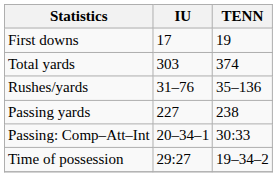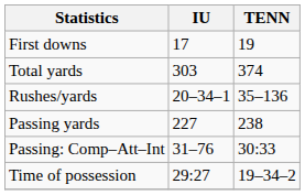 <table class="wikitable" style="float: left;">
 <tr>
 <th>Statistics</th>
 <th>IU</th>
 <th>TENN</th>
 </tr>
 <tr>
 <td>First downs</td>
 <td>17</td>
 <td>19</td>
 </tr>
 <tr>
 <td>Total yards</td>
 <td>303</td>
 <td>374</td>
 </tr>
 <tr>
 <td>Rushes/yards</td>
-<td>31–76</td>
+<td>20–34–1</td>
 <td>35–136</td>
 </tr>
 <tr>
 <td>Passing yards</td>
 <td>227</td>
 <td>238</td>
 </tr>
 <tr>
 <td>Passing: Comp–Att–Int</td>
-<td>20–34–1</td>
+<td>31–76</td>
 <td>30:33</td>
 </tr>
 <tr>
 <td>Time of possession</td>
 <td>29:27</td>
 <td>19–34–2</td>
 </tr>
 <tr>
 </tr>
 </table>
